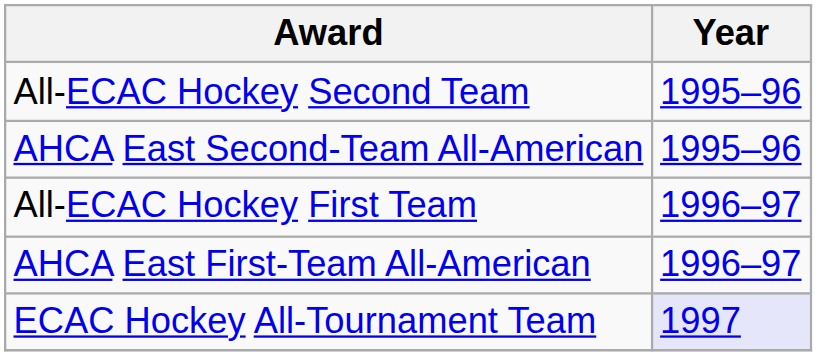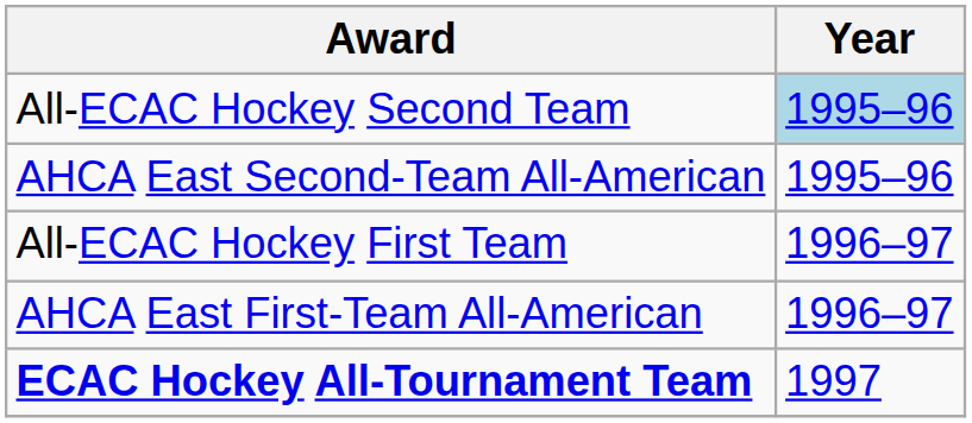 <table class="wikitable">
 <tr>
 <th>Award</th>
 <th>Year</th>
 </tr>
 <tr>
 <td>All-<a href='#'>ECAC Hockey</a> <a href='#'>Second Team</a></td>
-<td><a href='#'>1995–96</a></td>
+<td style="background: lightblue;"><a href='#'>1995–96</a></td>
 </tr>
 <tr>
 <td><a href='#'>AHCA</a> <a href='#'>East Second-Team All-American</a></td>
 <td><a href='#'>1995–96</a></td>
 </tr>
 <tr>
 <td>All-<a href='#'>ECAC Hockey</a> <a href='#'>First Team</a></td>
 <td><a href='#'>1996–97</a></td>
 </tr>
 <tr>
 <td><a href='#'>AHCA</a> <a href='#'>East First-Team All-American</a></td>
 <td><a href='#'>1996–97</a></td>
 </tr>
 <tr>
-<td><a href='#'>ECAC Hockey</a> <a href='#'>All-Tournament Team</a></td>
-<td style="background: lavender;"><a href='#'>1997</a></td>
+<td><strong><a href='#'>ECAC Hockey</a> <a href='#'>All-Tournament Team</a></strong></td>
+<td><a href='#'>1997</a></td>
 </tr>
 <tr>
 </tr>
 </table>
